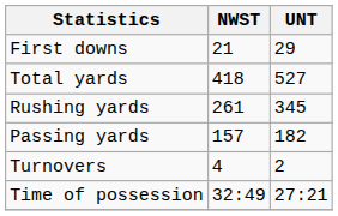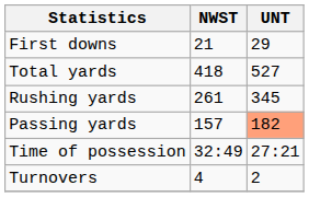 <table class="wikitable">
 <tr>
 <th>Statistics</th>
 <th>NWST</th>
 <th>UNT</th>
 </tr>
 <tr>
 <td>First downs</td>
 <td>21</td>
 <td>29</td>
 </tr>
 <tr>
 <td>Total yards</td>
 <td>418</td>
 <td>527</td>
 </tr>
 <tr>
 <td>Rushing yards</td>
 <td>261</td>
 <td>345</td>
 </tr>
 <tr>
 <td>Passing yards</td>
 <td>157</td>
-<td>182</td>
+<td style="background: lightsalmon;">182</td>
+</tr>
+<tr>
+<td>Time of possession</td>
+<td>32:49</td>
+<td>27:21</td>
 </tr>
 <tr>
 <td>Turnovers</td>
 <td>4</td>
 <td>2</td>
 </tr>
 <tr>
-<td>Time of possession</td>
-<td>32:49</td>
-<td>27:21</td>
-</tr>
-<tr>
 </tr>
 </table>
